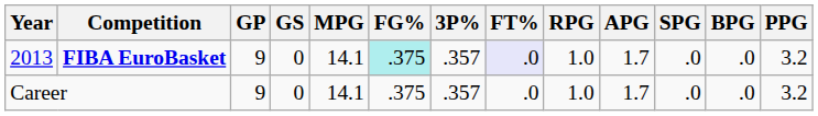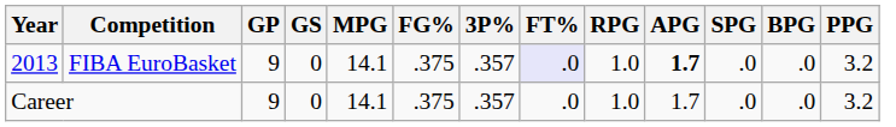 <table class="wikitable sortable" style="font-size:95%; text-align:right;">
 <tr>
 <th>Year</th>
 <th>Competition</th>
 <th>GP</th>
 <th>GS</th>
 <th>MPG</th>
 <th>FG%</th>
 <th>3P%</th>
 <th>FT%</th>
 <th>RPG</th>
 <th>APG</th>
 <th>SPG</th>
 <th>BPG</th>
 <th>PPG</th>
 </tr>
 <tr>
 <td style="text-align:left;"><a href='#'>2013</a></td>
-<td style="text-align:left;"><strong><a href='#'>FIBA EuroBasket</a></strong></td>
+<td style="text-align:left;"><a href='#'>FIBA EuroBasket</a></td>
 <td>9</td>
 <td>0</td>
 <td>14.1</td>
-<td style="background: paleturquoise;">.375</td>
+<td>.375</td>
 <td>.357</td>
 <td style="background: lavender;">.0</td>
 <td>1.0</td>
-<td>1.7</td>
+<td><strong>1.7</strong></td>
 <td>.0</td>
 <td>.0</td>
 <td>3.2</td>
 </tr>
 <tr class="sortbottom">
 <td colspan="2" style="text-align:left;">Career</td>
 <td>9</td>
 <td>0</td>
 <td>14.1</td>
 <td>.375</td>
 <td>.357</td>
 <td>.0</td>
 <td>1.0</td>
 <td>1.7</td>
 <td>.0</td>
 <td>.0</td>
 <td>3.2</td>
 </tr>
 </table>
